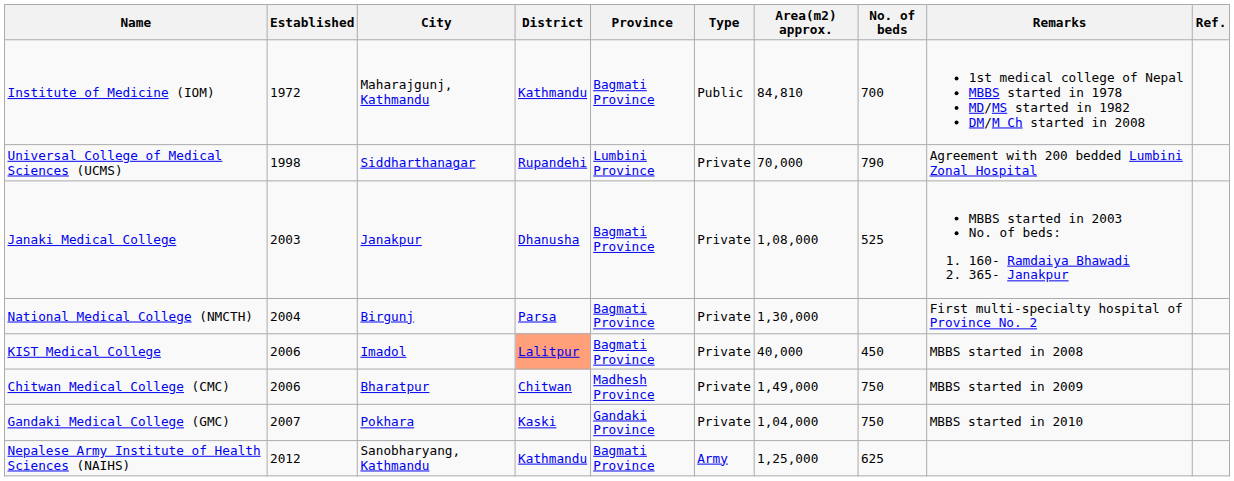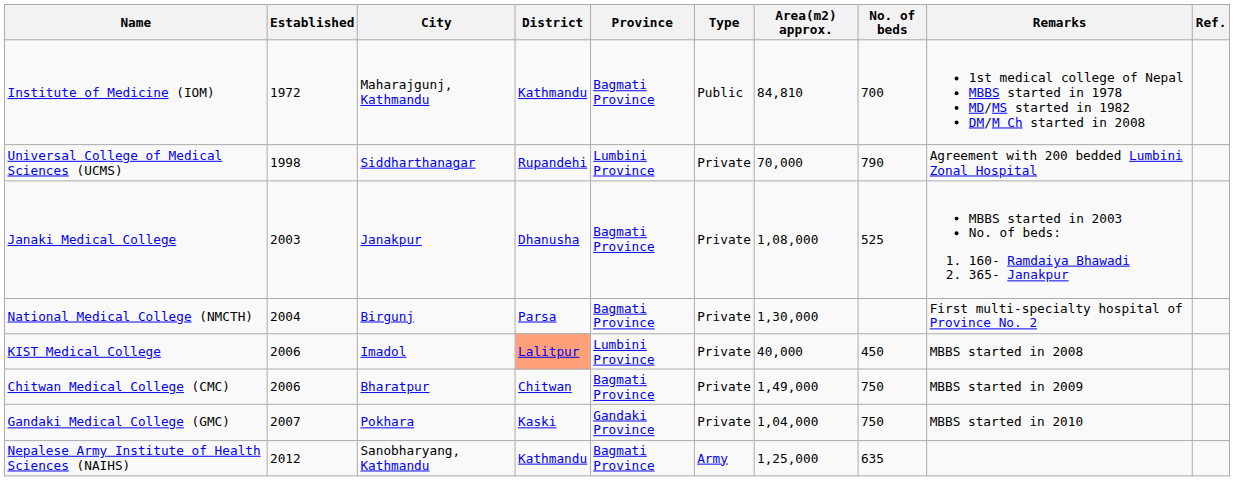 <table class="wikitable sortable mw-collapsible">
 <tr>
 <th>Name</th>
 <th>Established</th>
 <th>City</th>
 <th>District</th>
 <th>Province</th>
 <th>Type</th>
 <th>Area(m2) approx.</th>
 <th>No. of beds</th>
 <th>Remarks</th>
 <th>Ref.</th>
 </tr>
 <tr>
 <td><a href='#'>Institute of Medicine</a> (IOM)</td>
 <td>1972</td>
 <td>Maharajgunj, <a href='#'>Kathmandu</a></td>
 <td><a href='#'>Kathmandu</a></td>
 <td><a href='#'>Bagmati Province</a></td>
 <td>Public</td>
 <td>84,810</td>
 <td>700</td>
 <td><br><ul><li>1st medical college of Nepal</li><li><a href='#'>MBBS</a> started in 1978</li><li><a href='#'>MD</a>/<a href='#'>MS</a> started in 1982</li><li><a href='#'>DM</a>/<a href='#'>M Ch</a> started in 2008</li></ul></td>
 <td></td>
 </tr>
 <tr>
 <td><a href='#'>Universal College of Medical Sciences</a> (UCMS)</td>
 <td>1998</td>
 <td><a href='#'>Siddharthanagar</a></td>
 <td><a href='#'>Rupandehi</a></td>
 <td><a href='#'>Lumbini Province</a></td>
 <td>Private</td>
 <td>70,000</td>
 <td>790</td>
 <td>Agreement with 200 bedded <a href='#'>Lumbini Zonal Hospital</a></td>
 <td></td>
 </tr>
 <tr>
 <td><a href='#'>Janaki Medical College</a></td>
 <td>2003</td>
 <td><a href='#'>Janakpur</a></td>
 <td><a href='#'>Dhanusha</a></td>
 <td><a href='#'>Bagmati Province</a></td>
 <td>Private</td>
 <td>1,08,000</td>
 <td>525</td>
 <td><br><ul><li>MBBS started in 2003</li><li>No. of beds:</li></ul><ol><li>160- <a href='#'>Ramdaiya Bhawadi</a></li><li>365- <a href='#'>Janakpur</a></li></ol></td>
 <td></td>
 </tr>
 <tr>
 <td><a href='#'>National Medical College</a> (NMCTH)</td>
 <td>2004</td>
 <td><a href='#'>Birgunj</a></td>
 <td><a href='#'>Parsa</a></td>
 <td><a href='#'>Bagmati Province</a></td>
 <td>Private</td>
 <td>1,30,000</td>
 <td></td>
 <td>First multi-specialty hospital of <a href='#'>Province No. 2</a></td>
 <td></td>
 </tr>
 <tr>
 <td><a href='#'>KIST Medical College</a></td>
 <td>2006</td>
 <td><a href='#'>Imadol</a></td>
 <td style="background: lightsalmon;"><a href='#'>Lalitpur</a></td>
-<td><a href='#'>Bagmati Province</a></td>
+<td><a href='#'>Lumbini Province</a></td>
 <td>Private</td>
 <td>40,000</td>
 <td>450</td>
 <td>MBBS started in 2008</td>
 <td></td>
 </tr>
 <tr>
 <td><a href='#'>Chitwan Medical College</a> (CMC)</td>
 <td>2006</td>
 <td><a href='#'>Bharatpur</a></td>
 <td><a href='#'>Chitwan</a></td>
-<td><a href='#'>Madhesh Province</a></td>
+<td><a href='#'>Bagmati Province</a></td>
 <td>Private</td>
 <td>1,49,000</td>
 <td>750</td>
 <td>MBBS started in 2009</td>
 <td></td>
 </tr>
 <tr>
 <td><a href='#'>Gandaki Medical College</a> (GMC)</td>
 <td>2007</td>
 <td><a href='#'>Pokhara</a></td>
 <td><a href='#'>Kaski</a></td>
 <td><a href='#'>Gandaki Province</a></td>
 <td>Private</td>
 <td>1,04,000</td>
 <td>750</td>
 <td>MBBS started in 2010</td>
 <td></td>
 </tr>
 <tr>
 <td><a href='#'>Nepalese Army Institute of Health Sciences</a> (NAIHS)</td>
 <td>2012</td>
 <td>Sanobharyang, <a href='#'>Kathmandu</a></td>
 <td><a href='#'>Kathmandu</a></td>
 <td><a href='#'>Bagmati Province</a></td>
 <td><a href='#'>Army</a></td>
 <td>1,25,000</td>
-<td>625</td>
+<td>635</td>
 <td></td>
 <td></td>
 </tr>
 </table>
